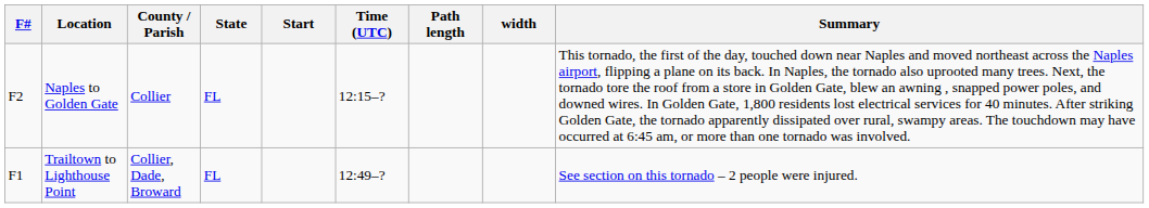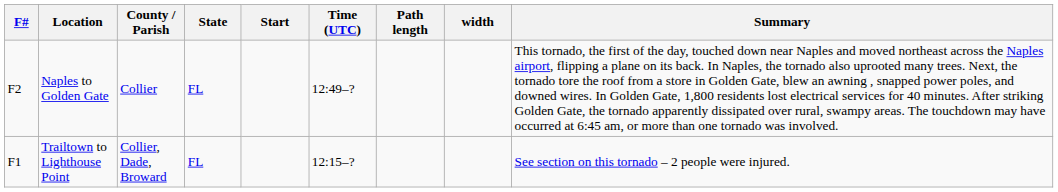 <table class="wikitable sortable" style="width:100%;">
 <tr>
 <th scope="col"  style="width:3%; text-align:center;"><a href='#'>F#</a></th>
 <th scope="col"  style="width:7%; text-align:center;" class="unsortable">Location</th>
 <th scope="col"  style="width:6%; text-align:center;" class="unsortable">County / Parish</th>
 <th scope="col"  style="width:5%; text-align:center;">State</th>
 <th scope="col"  style="width:6%; text-align:center;">Start<br></th>
 <th scope="col"  style="width:6%; text-align:center;">Time (<a href='#'>UTC</a>)</th>
 <th scope="col"  style="width:6%; text-align:center;">Path length</th>
 <th scope="col"  style="width:6%; text-align:center;"> width</th>
 <th scope="col" class="unsortable" style="width:48%; text-align:center;">Summary</th>
 </tr>
 <tr>
 <td>F2</td>
 <td><a href='#'>Naples</a> to <a href='#'>Golden Gate</a></td>
 <td><a href='#'>Collier</a></td>
 <td><a href='#'>FL</a></td>
 <td></td>
-<td>12:15–?</td>
+<td>12:49–?</td>
 <td></td>
 <td></td>
 <td>This tornado, the first of the day, touched down near Naples and moved northeast across the <a href='#'>Naples airport</a>, flipping a plane on its back. In Naples, the tornado also uprooted many trees. Next, the tornado tore the roof from a store in Golden Gate, blew an awning , snapped power poles, and downed wires. In Golden Gate, 1,800 residents lost electrical services for 40 minutes. After striking Golden Gate, the tornado apparently dissipated over rural, swampy areas. The touchdown may have occurred at 6:45 am, or more than one tornado was involved.</td>
 </tr>
 <tr>
 <td>F1</td>
 <td><a href='#'>Trailtown</a> to <a href='#'>Lighthouse Point</a></td>
 <td><a href='#'>Collier</a>, <a href='#'>Dade</a>, <a href='#'>Broward</a></td>
 <td><a href='#'>FL</a></td>
 <td></td>
-<td>12:49–?</td>
+<td>12:15–?</td>
 <td></td>
 <td></td>
 <td><a href='#'>See section on this tornado</a> – 2 people were injured.</td>
 </tr>
 </table>
